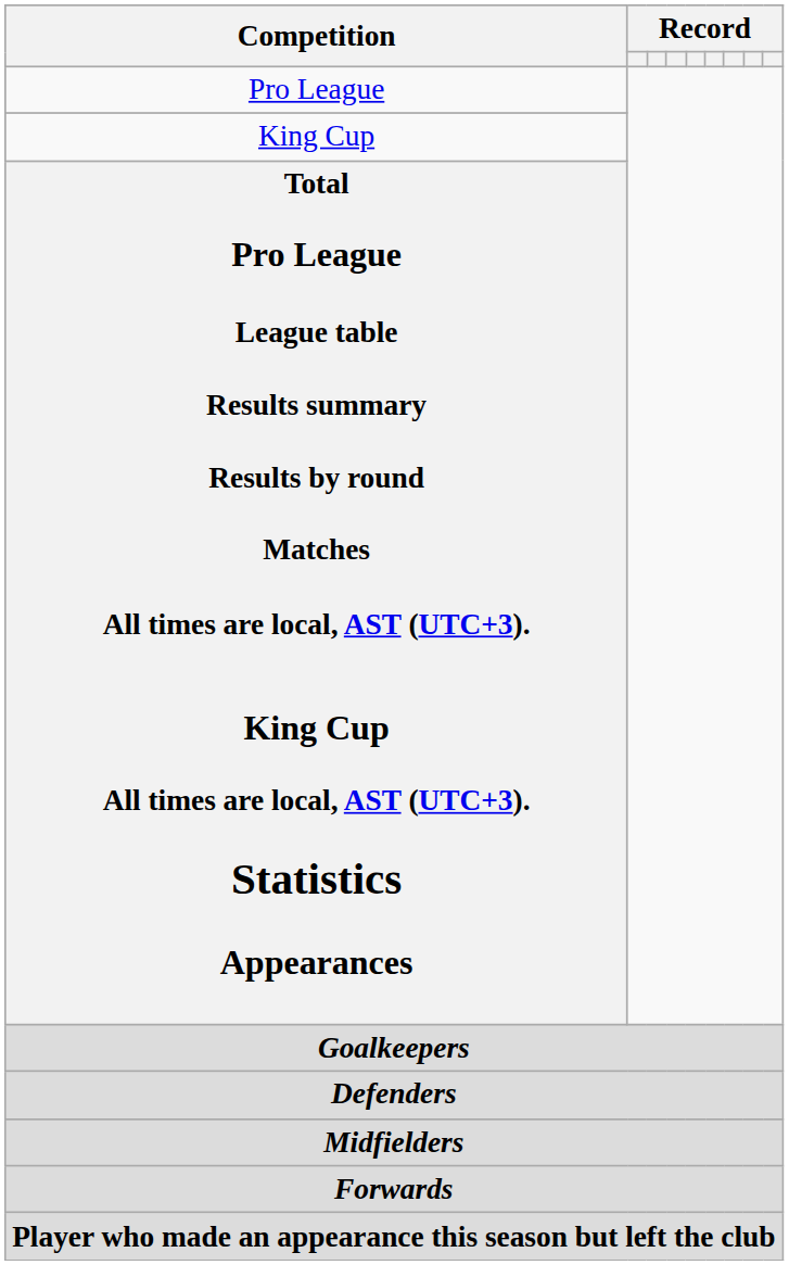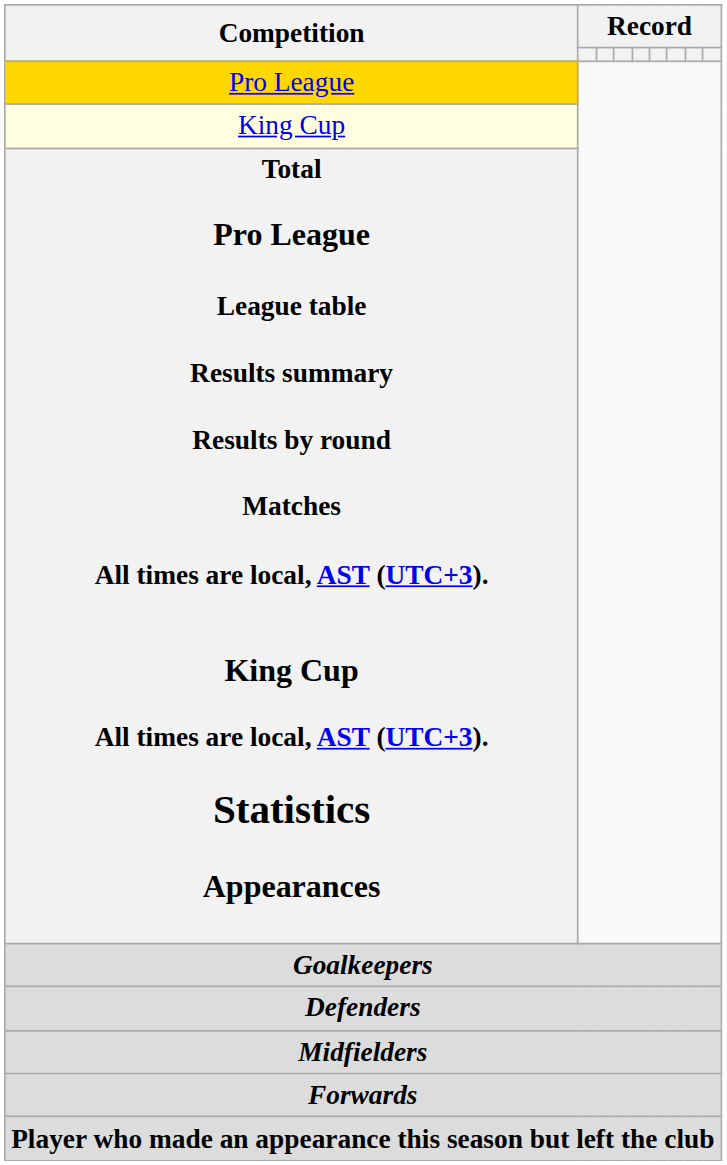 <table class="wikitable" style="text-align: center">
 <tr>
 <th rowspan=2>Competition</th>
 <th colspan=8>Record</th>
 </tr>
 <tr>
 <th></th>
 <th></th>
 <th></th>
 <th></th>
 <th></th>
 <th></th>
 <th></th>
 <th></th>
 </tr>
 <tr>
-<td><a href='#'>Pro League</a><br></td>
+<td style="background: gold;"><a href='#'>Pro League</a><br></td>
 </tr>
 <tr>
-<td><a href='#'>King Cup</a><br></td>
+<td style="background: lightyellow;"><a href='#'>King Cup</a><br></td>
 </tr>
 <tr>
 <th>Total<br> <h3>Pro League</h3><h4>League table</h4><h4>Results summary</h4> <h4>Results by round</h4><h4>Matches</h4>All times are local, <a href='#'>AST</a> (<a href='#'>UTC+3</a>).<br>   <br>                                 <h3>King Cup</h3> All times are local, <a href='#'>AST</a> (<a href='#'>UTC+3</a>).<br><h2>Statistics</h2><h3>Appearances</h3></th>
 </tr>
 <tr>
 <th colspan=10 style=background:#dcdcdc; text-align:center><em>Goalkeepers</em><br>  </th>
 </tr>
 <tr>
 <th colspan=10 style=background:#dcdcdc; text-align:center><em>Defenders</em><br>        </th>
 </tr>
 <tr>
 <th colspan=10 style=background:#dcdcdc; text-align:center><em>Midfielders</em><br>        </th>
 </tr>
 <tr>
 <th colspan=10 style=background:#dcdcdc; text-align:center><em>Forwards</em><br>     </th>
 </tr>
 <tr>
 <th colspan=20 style=background:#dcdcdc; text-align:center>Player who made an appearance this season but left the club<br> </th>
 </tr>
 </table>
